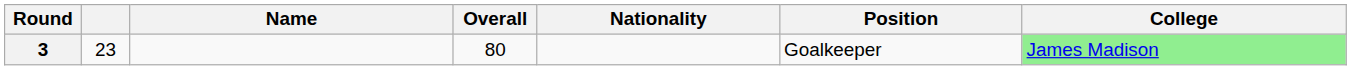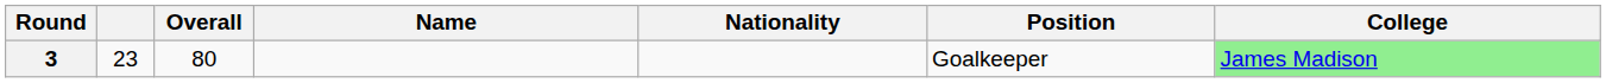 <table class="wikitable sortable" style="width:90%">
 <tr>
 <th scope="col" style="width: 3%;">Round</th>
 <th scope="col" style="width: 3%;"></th>
+<th scope="col" style="width: 4%;">Overall</th>
 <th scope="col" style="width: 20%;">Name</th>
-<th scope="col" style="width: 4%;">Overall</th>
 <th scope="col" style="width: 15%;">Nationality</th>
 <th scope="col" style="width: 15%;">Position</th>
 <th scope="col" style="width: 20%;">College</th>
 </tr>
 <tr>
 <th scope="row">3</th>
 <td align="center">23</td>
+<td align="center">80</td>
 <td></td>
-<td align="center">80</td>
 <td></td>
 <td>Goalkeeper</td>
 <td style="background: lightgreen;"><a href='#'>James Madison</a></td>
 </tr>
 </table>
